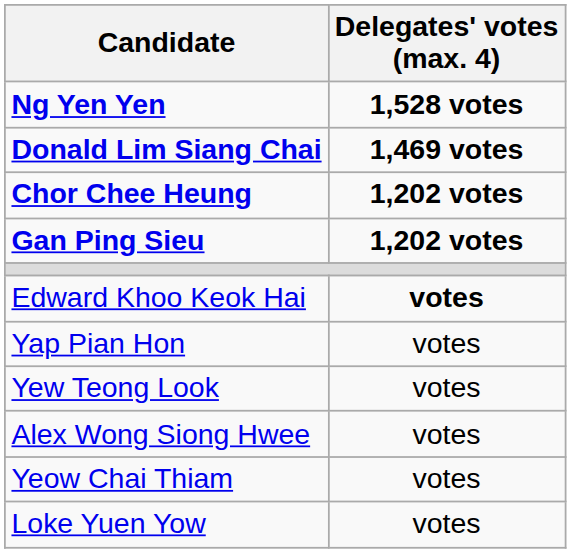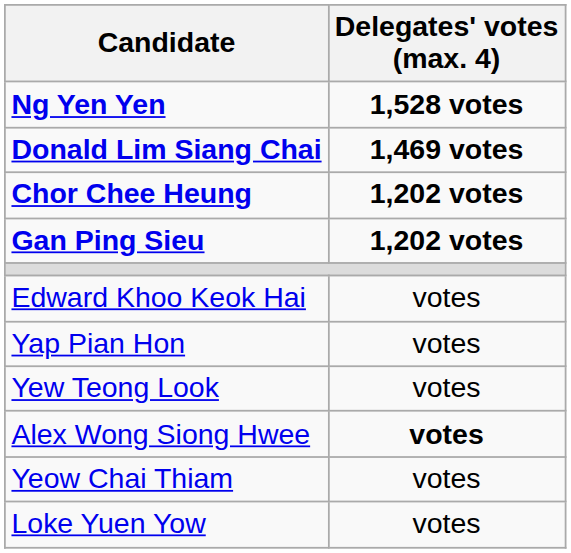 <table class=wikitable style=text-align:center>
 <tr>
 <th>Candidate</th>
 <th>Delegates' votes<br>(max. 4)</th>
 </tr>
 <tr>
 <td align=left><strong><a href='#'>Ng Yen Yen</a></strong></td>
 <td><strong>1,528 votes</strong></td>
 </tr>
 <tr>
 <td align=left><strong><a href='#'>Donald Lim Siang Chai</a></strong></td>
 <td><strong>1,469 votes</strong></td>
 </tr>
 <tr>
 <td align=left><strong><a href='#'>Chor Chee Heung</a></strong></td>
 <td><strong>1,202 votes</strong></td>
 </tr>
 <tr>
 <td align=left><strong><a href='#'>Gan Ping Sieu</a></strong></td>
 <td><strong>1,202 votes</strong></td>
 </tr>
 <tr>
 <td colspan=3 bgcolor=dcdcdc></td>
 </tr>
 <tr>
 <td align=left><a href='#'>Edward Khoo Keok Hai</a></td>
-<td><strong>votes</strong></td>
+<td>votes</td>
 </tr>
 <tr>
 <td align=left><a href='#'>Yap Pian Hon</a></td>
 <td>votes</td>
 </tr>
 <tr>
 <td align=left><a href='#'>Yew Teong Look</a></td>
 <td>votes</td>
 </tr>
 <tr>
 <td align=left><a href='#'>Alex Wong Siong Hwee</a></td>
-<td>votes</td>
+<td><strong>votes</strong></td>
 </tr>
 <tr>
 <td align=left><a href='#'>Yeow Chai Thiam</a></td>
 <td>votes</td>
 </tr>
 <tr>
 <td align=left><a href='#'>Loke Yuen Yow</a></td>
 <td>votes</td>
 </tr>
 </table>
